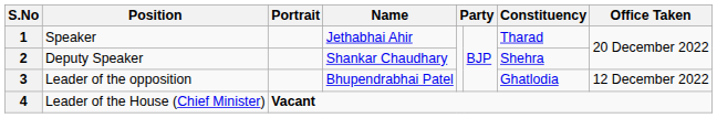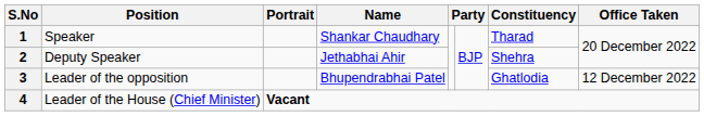 <table class="wikitable sortable">
 <tr>
 <th>S.No</th>
 <th>Position</th>
 <th>Portrait</th>
 <th>Name</th>
 <th colspan="2">Party</th>
 <th>Constituency</th>
 <th>Office Taken</th>
 </tr>
 <tr>
 <th>1</th>
 <td>Speaker</td>
 <td></td>
-<td><a href='#'>Jethabhai Ahir</a></td>
+<td><a href='#'>Shankar Chaudhary</a></td>
 <td rowspan="3" style="background:"></td>
 <td rowspan="3"><a href='#'>BJP</a></td>
 <td><a href='#'>Tharad</a></td>
 <td rowspan="2">20 December 2022</td>
 </tr>
 <tr>
 <th>2</th>
 <td>Deputy Speaker</td>
 <td></td>
-<td><a href='#'>Shankar Chaudhary</a></td>
+<td><a href='#'>Jethabhai Ahir</a></td>
 <td><a href='#'>Shehra</a></td>
 </tr>
 <tr>
 <th>3</th>
 <td>Leader of the opposition</td>
 <td></td>
 <td><a href='#'>Bhupendrabhai Patel</a></td>
 <td><a href='#'>Ghatlodia</a></td>
 <td>12 December 2022</td>
 </tr>
 <tr>
 <th>4</th>
 <td>Leader of the House (<a href='#'>Chief Minister</a>)</td>
 <td colspan=6><strong>Vacant</strong></td>
 </tr>
 </table>
